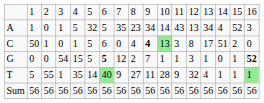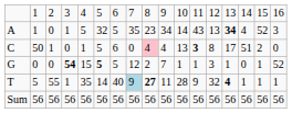 <table class="wikitable" border="1">
 <tr>
 <td></td>
 <td>1</td>
 <td>2</td>
 <td>3</td>
 <td>4</td>
 <td>5</td>
 <td>6</td>
 <td>7</td>
 <td>8</td>
 <td>9</td>
 <td>10</td>
 <td>11</td>
 <td>12</td>
 <td>13</td>
 <td>14</td>
 <td>15</td>
 <td>16</td>
 </tr>
 <tr>
 <td>A</td>
 <td>1</td>
 <td>0</td>
 <td>1</td>
 <td>5</td>
 <td>32</td>
 <td>5</td>
 <td>35</td>
 <td>23</td>
 <td>34</td>
 <td>14</td>
 <td>43</td>
 <td>13</td>
-<td>34</td>
+<td><strong>34</strong></td>
 <td>4</td>
 <td>52</td>
 <td>3</td>
 </tr>
 <tr>
 <td>C</td>
 <td>50</td>
 <td>1</td>
 <td>0</td>
 <td>1</td>
 <td>5</td>
 <td>6</td>
 <td>0</td>
+<td style="background: pink;">4</td>
 <td>4</td>
-<td><strong>4</strong></td>
-<td style="background: lightgreen;">13</td>
-<td>3</td>
+<td>13</td>
+<td><strong>3</strong></td>
 <td>8</td>
 <td>17</td>
 <td>51</td>
 <td>2</td>
 <td>0</td>
 </tr>
 <tr>
 <td>G</td>
 <td>0</td>
 <td>0</td>
-<td>54</td>
+<td><strong>54</strong></td>
 <td>15</td>
+<td><strong>5</strong></td>
 <td>5</td>
-<td><strong>5</strong></td>
 <td>12</td>
 <td>2</td>
 <td>7</td>
 <td>1</td>
 <td>1</td>
 <td>3</td>
 <td>1</td>
 <td>0</td>
 <td>1</td>
-<td><strong>52</strong></td>
+<td>52</td>
 </tr>
 <tr>
 <td>T</td>
 <td>5</td>
 <td>55</td>
 <td>1</td>
 <td>35</td>
 <td>14</td>
-<td style="background: lightgreen;">40</td>
-<td>9</td>
-<td>27</td>
+<td>40</td>
+<td style="background: lightblue;">9</td>
+<td><strong>27</strong></td>
 <td>11</td>
 <td>28</td>
 <td>9</td>
 <td>32</td>
-<td>4</td>
+<td><strong>4</strong></td>
 <td>1</td>
 <td>1</td>
-<td style="background: lightgreen;">1</td>
+<td>1</td>
 </tr>
 <tr>
 <td>Sum</td>
 <td>56</td>
 <td>56</td>
 <td>56</td>
 <td>56</td>
 <td>56</td>
 <td>56</td>
 <td>56</td>
 <td>56</td>
 <td>56</td>
 <td>56</td>
 <td>56</td>
 <td>56</td>
 <td>56</td>
 <td>56</td>
 <td>56</td>
 <td>56</td>
 </tr>
 </table>
